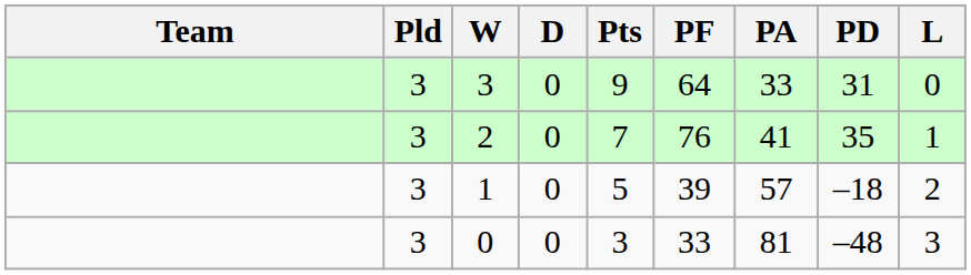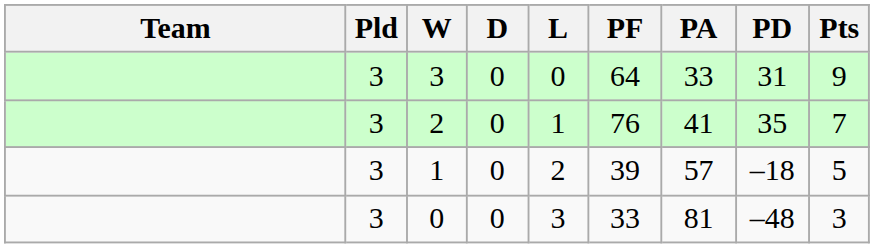 <table class="wikitable" style="text-align:center;">
 <tr>
 <th width=175>Team</th>
 <th width=25 abbr="Played">Pld</th>
 <th width=25 abbr="Won">W</th>
 <th width=25 abbr="Drawn">D</th>
-<th width=25 abbr="Points">Pts</th>
+<th width=25 abbr="Lost">L</th>
 <th width=32 abbr="Points for">PF</th>
 <th width=32 abbr="Points against">PA</th>
 <th width=32 abbr="Points difference">PD</th>
-<th width=25 abbr="Lost">L</th>
+<th width=25 abbr="Points">Pts</th>
 </tr>
 <tr bgcolor="#ccffcc">
 <td align=left></td>
 <td>3</td>
 <td>3</td>
 <td>0</td>
-<td>9</td>
+<td>0</td>
 <td>64</td>
 <td>33</td>
 <td>31</td>
-<td>0</td>
+<td>9</td>
 </tr>
 <tr bgcolor="#ccffcc">
 <td align=left></td>
 <td>3</td>
 <td>2</td>
 <td>0</td>
-<td>7</td>
+<td>1</td>
 <td>76</td>
 <td>41</td>
 <td>35</td>
-<td>1</td>
+<td>7</td>
 </tr>
 <tr>
 <td align=left></td>
 <td>3</td>
 <td>1</td>
 <td>0</td>
-<td>5</td>
+<td>2</td>
 <td>39</td>
 <td>57</td>
 <td>–18</td>
-<td>2</td>
+<td>5</td>
 </tr>
 <tr>
 <td align=left></td>
 <td>3</td>
 <td>0</td>
 <td>0</td>
 <td>3</td>
 <td>33</td>
 <td>81</td>
 <td>–48</td>
 <td>3</td>
 </tr>
 </table>
